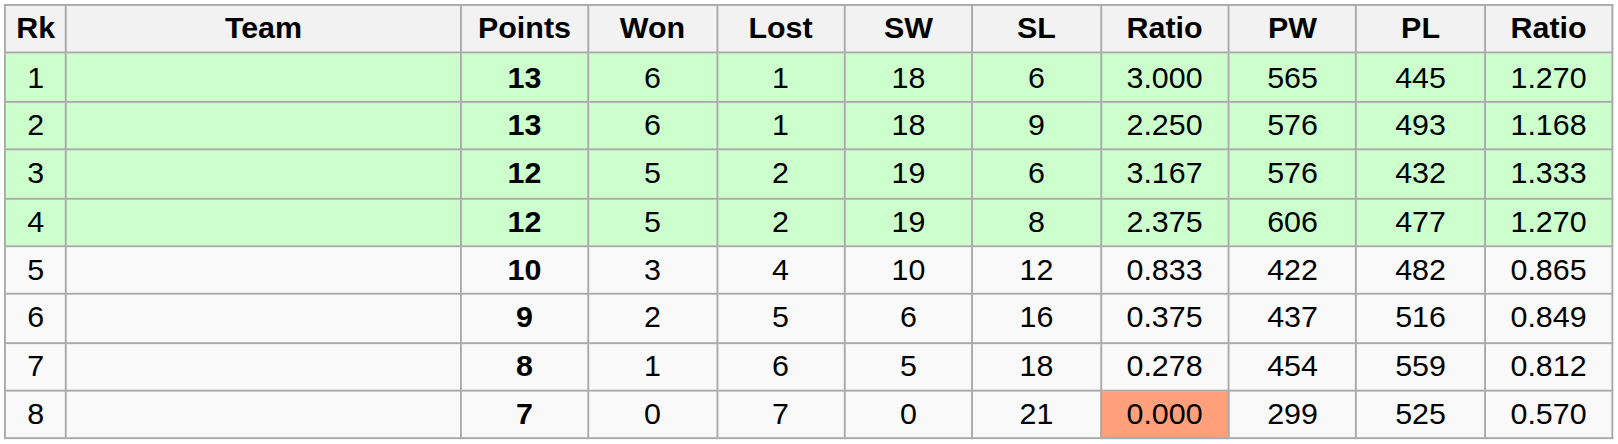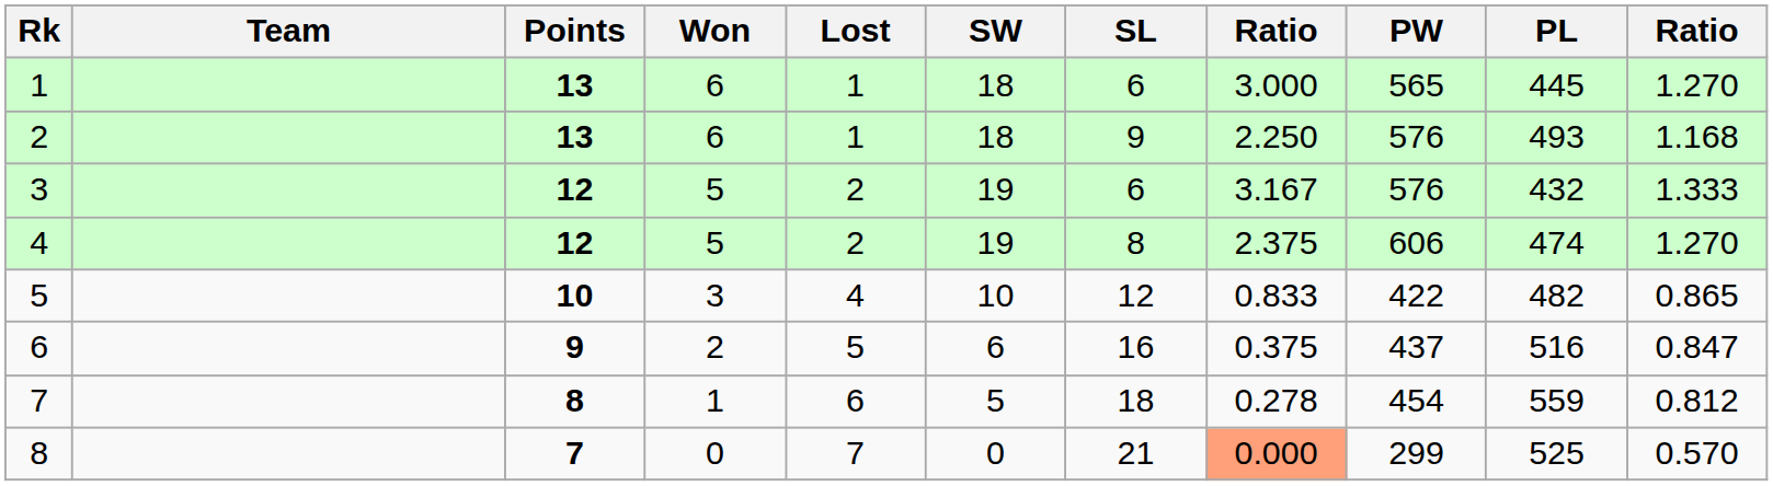 <table class=wikitable style="text-align:center">
 <tr bgcolor="#dcdcdc">
 <th width="25">Rk</th>
 <th width="200">Team</th>
 <th width="60">Points</th>
 <th width="60">Won</th>
 <th width="60">Lost</th>
 <th width="60">SW</th>
 <th width="60">SL</th>
 <th width="60">Ratio</th>
 <th width="60">PW</th>
 <th width="60">PL</th>
 <th width="60">Ratio</th>
 </tr>
 <tr bgcolor="#ccffcc">
 <td>1</td>
 <td align=left></td>
 <td><strong>13</strong></td>
 <td>6</td>
 <td>1</td>
 <td>18</td>
 <td>6</td>
 <td>3.000</td>
 <td>565</td>
 <td>445</td>
 <td>1.270</td>
 </tr>
 <tr bgcolor="#ccffcc">
 <td>2</td>
 <td align=left></td>
 <td><strong>13</strong></td>
 <td>6</td>
 <td>1</td>
 <td>18</td>
 <td>9</td>
 <td>2.250</td>
 <td>576</td>
 <td>493</td>
 <td>1.168</td>
 </tr>
 <tr bgcolor="#ccffcc">
 <td>3</td>
 <td align=left></td>
 <td><strong>12</strong></td>
 <td>5</td>
 <td>2</td>
 <td>19</td>
 <td>6</td>
 <td>3.167</td>
 <td>576</td>
 <td>432</td>
 <td>1.333</td>
 </tr>
 <tr bgcolor="#ccffcc">
 <td>4</td>
 <td align=left></td>
 <td><strong>12</strong></td>
 <td>5</td>
 <td>2</td>
 <td>19</td>
 <td>8</td>
 <td>2.375</td>
 <td>606</td>
-<td>477</td>
+<td>474</td>
 <td>1.270</td>
 </tr>
 <tr>
 <td>5</td>
 <td align=left></td>
 <td><strong>10</strong></td>
 <td>3</td>
 <td>4</td>
 <td>10</td>
 <td>12</td>
 <td>0.833</td>
 <td>422</td>
 <td>482</td>
 <td>0.865</td>
 </tr>
 <tr>
 <td>6</td>
 <td align=left></td>
 <td><strong>9</strong></td>
 <td>2</td>
 <td>5</td>
 <td>6</td>
 <td>16</td>
 <td>0.375</td>
 <td>437</td>
 <td>516</td>
-<td>0.849</td>
+<td>0.847</td>
 </tr>
 <tr>
 <td>7</td>
 <td align=left></td>
 <td><strong>8</strong></td>
 <td>1</td>
 <td>6</td>
 <td>5</td>
 <td>18</td>
 <td>0.278</td>
 <td>454</td>
 <td>559</td>
 <td>0.812</td>
 </tr>
 <tr>
 <td>8</td>
 <td align=left></td>
 <td><strong>7</strong></td>
 <td>0</td>
 <td>7</td>
 <td>0</td>
 <td>21</td>
 <td style="background: lightsalmon;">0.000</td>
 <td>299</td>
 <td>525</td>
 <td>0.570</td>
 </tr>
 </table>
